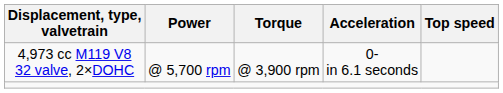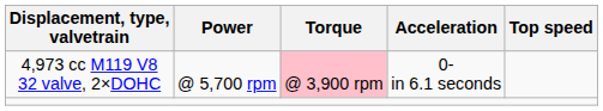 <table class="wikitable" style="text-align: center; font-size: 100%;">
 <tr>
 <th>Displacement, type,<br>valvetrain</th>
 <th>Power</th>
 <th>Torque</th>
 <th>Acceleration</th>
 <th>Top speed</th>
 </tr>
 <tr>
 <td>4,973 cc <a href='#'>M119 V8</a><br><a href='#'>32 valve</a>, 2×<a href='#'>DOHC</a></td>
 <td><br>@ 5,700 <a href='#'>rpm</a></td>
-<td><br>@ 3,900 rpm</td>
+<td style="background: pink;"><br>@ 3,900 rpm</td>
 <td>0-<br>in 6.1 seconds</td>
 <td></td>
 </tr>
 <tr>
 <td colspan=5></td>
 </tr>
 </table>
